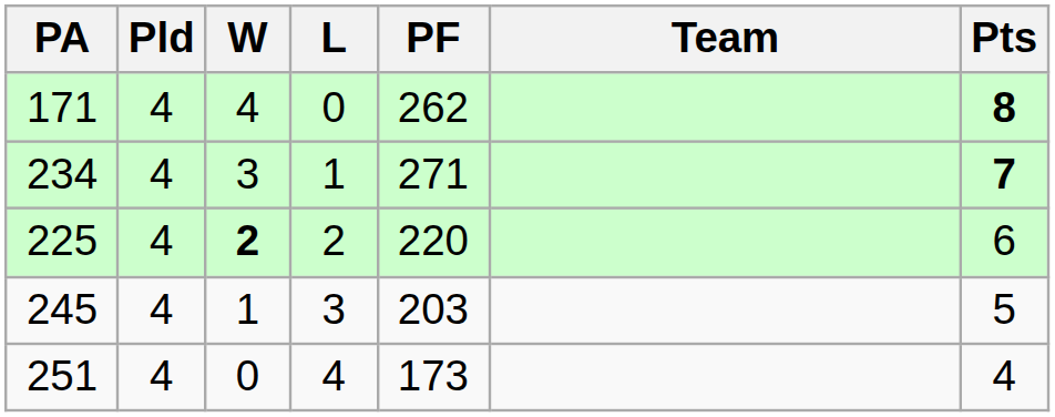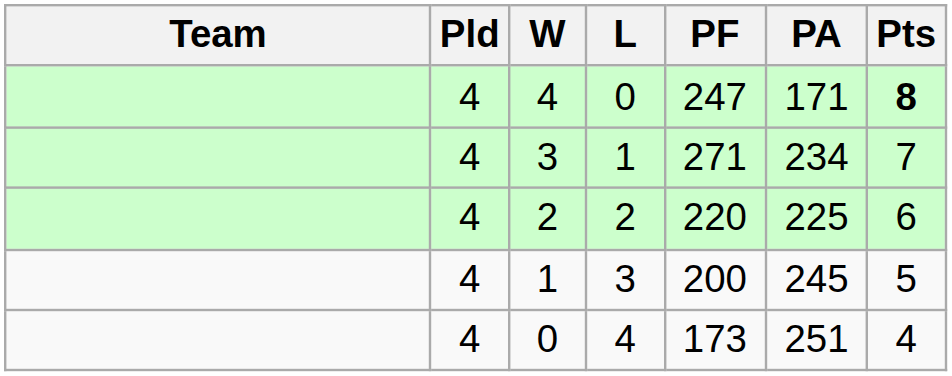 <table class="wikitable" style="text-align:center;">
 <tr>
-<th width=35>PA</th>
+<th width=170>Team</th>
 <th width=25>Pld</th>
 <th width=25>W</th>
 <th width=25>L</th>
 <th width=35>PF</th>
-<th width=170>Team</th>
+<th width=35>PA</th>
 <th width=25>Pts</th>
 </tr>
 <tr bgcolor=#ccffcc>
-<td>171</td>
+<td align="left"></td>
 <td>4</td>
 <td>4</td>
 <td>0</td>
-<td>262</td>
-<td align="left"></td>
+<td>247</td>
+<td>171</td>
 <td><strong>8</strong></td>
 </tr>
 <tr bgcolor=#ccffcc>
-<td>234</td>
+<td align="left"><em></em></td>
 <td>4</td>
 <td>3</td>
 <td>1</td>
 <td>271</td>
-<td align="left"><em></em></td>
-<td><strong>7</strong></td>
+<td>234</td>
+<td>7</td>
 </tr>
 <tr bgcolor=#ccffcc>
-<td>225</td>
+<td align="left"></td>
 <td>4</td>
-<td><strong>2</strong></td>
+<td>2</td>
 <td>2</td>
 <td>220</td>
-<td align="left"></td>
+<td>225</td>
 <td>6</td>
 </tr>
 <tr bgcolor=>
-<td>245</td>
+<td align="left"></td>
 <td>4</td>
 <td>1</td>
 <td>3</td>
-<td>203</td>
-<td align="left"></td>
+<td>200</td>
+<td>245</td>
 <td>5</td>
 </tr>
 <tr bgcolor=>
-<td>251</td>
+<td align="left"></td>
 <td>4</td>
 <td>0</td>
 <td>4</td>
 <td>173</td>
-<td align="left"></td>
+<td>251</td>
 <td>4</td>
 </tr>
 </table>
